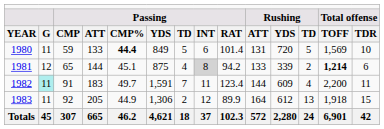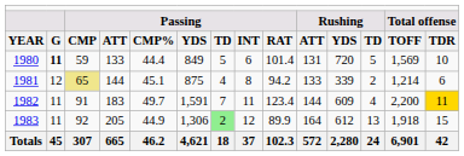 <table class=wikitable style="text-align:center">
 <tr>
 <td ! colspan="14"></td>
 </tr>
 <tr>
 <th colspan="2" style="background:#e7e3e7;"></th>
 <th colspan="7" style="background:#e7e3e7;">Passing</th>
 <th colspan="3" style="background:#e7e3e7;">Rushing</th>
 <th colspan="2" style="background:#e7e3e7;">Total offense</th>
 </tr>
 <tr>
 <th>YEAR</th>
 <th>G</th>
 <th>CMP</th>
 <th>ATT</th>
 <th>CMP%</th>
 <th>YDS</th>
 <th>TD</th>
 <th>INT</th>
 <th>RAT</th>
 <th>ATT</th>
 <th>YDS</th>
 <th>TD</th>
 <th>TOFF</th>
 <th>TDR</th>
 </tr>
 <tr>
 <td><a href='#'>1980</a></td>
-<td>11</td>
+<td><strong>11</strong></td>
 <td>59</td>
 <td>133</td>
-<td><strong>44.4</strong></td>
+<td>44.4</td>
 <td>849</td>
 <td>5</td>
 <td>6</td>
 <td>101.4</td>
 <td>131</td>
 <td>720</td>
 <td>5</td>
 <td>1,569</td>
 <td>10</td>
 </tr>
 <tr>
 <td><a href='#'>1981</a></td>
 <td>12</td>
-<td>65</td>
+<td style="background: khaki;">65</td>
 <td>144</td>
 <td>45.1</td>
 <td>875</td>
 <td>4</td>
-<td style="background: lightgrey;">8</td>
+<td>8</td>
 <td>94.2</td>
 <td>133</td>
 <td>339</td>
 <td>2</td>
-<td><strong>1,214</strong></td>
+<td>1,214</td>
 <td>6</td>
 </tr>
 <tr>
 <td><a href='#'>1982</a></td>
-<td style="background: paleturquoise;">11</td>
+<td>11</td>
 <td>91</td>
 <td>183</td>
 <td>49.7</td>
 <td>1,591</td>
 <td>7</td>
 <td>11</td>
 <td>123.4</td>
 <td>144</td>
 <td>609</td>
 <td>4</td>
 <td>2,200</td>
-<td>11</td>
+<td style="background: gold;">11</td>
 </tr>
 <tr>
 <td><a href='#'>1983</a></td>
 <td>11</td>
 <td>92</td>
 <td>205</td>
 <td>44.9</td>
 <td>1,306</td>
-<td>2</td>
+<td style="background: lightgreen;">2</td>
 <td>12</td>
 <td>89.9</td>
 <td>164</td>
 <td>612</td>
 <td>13</td>
 <td>1,918</td>
 <td>15</td>
 </tr>
 <tr>
 <th>Totals</th>
 <th>45</th>
 <th>307</th>
 <th>665</th>
 <th>46.2</th>
 <th>4,621</th>
 <th>18</th>
 <th>37</th>
 <th>102.3</th>
 <th>572</th>
 <th>2,280</th>
 <th>24</th>
 <th>6,901</th>
 <th>42</th>
 </tr>
 </table>
